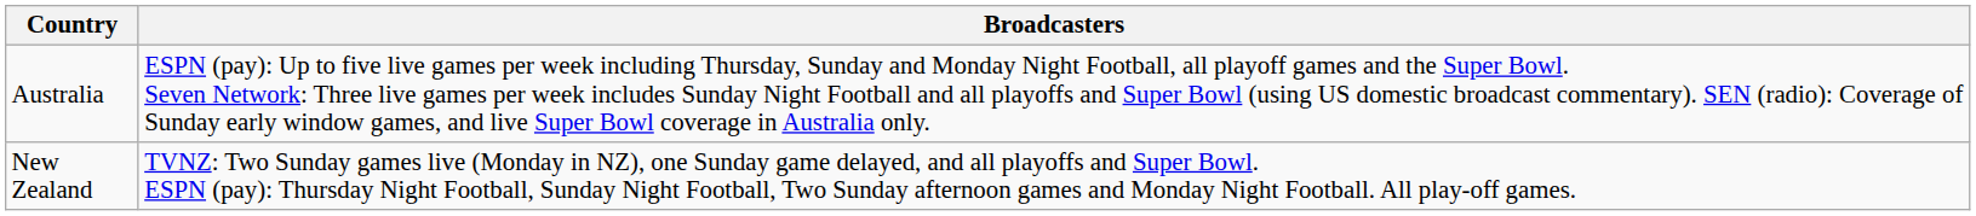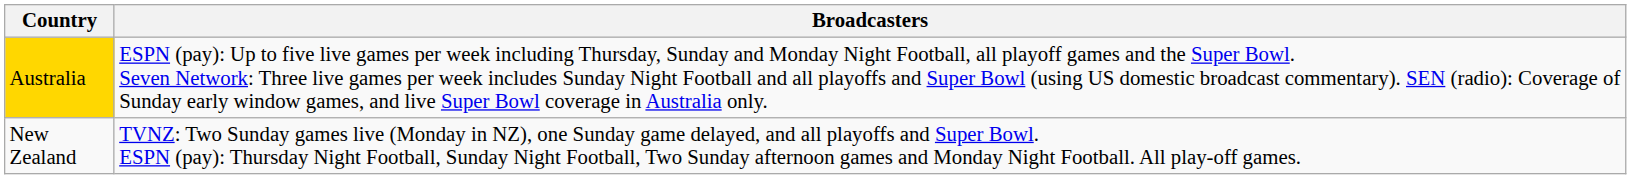 <table class="wikitable">
 <tr>
 <th>Country</th>
 <th>Broadcasters</th>
 </tr>
 <tr>
-<td>Australia</td>
+<td style="background: gold;">Australia</td>
 <td><a href='#'>ESPN</a> (pay): Up to five live games per week including Thursday, Sunday and Monday Night Football, all playoff games and the <a href='#'>Super Bowl</a>.<br><a href='#'>Seven Network</a>:  Three live games per week includes Sunday Night Football and all playoffs and <a href='#'>Super Bowl</a> (using US domestic broadcast commentary). <a href='#'>SEN</a> (radio): Coverage of Sunday early window games, and live <a href='#'>Super Bowl</a> coverage in <a href='#'>Australia</a> only.</td>
 </tr>
 <tr>
 <td>New Zealand</td>
 <td><a href='#'>TVNZ</a>: Two Sunday games live (Monday in NZ), one Sunday game  delayed, and all playoffs and <a href='#'>Super Bowl</a>.<br><a href='#'>ESPN</a> (pay): Thursday Night Football, Sunday Night Football, Two Sunday afternoon games and Monday Night Football. All play-off games.</td>
 </tr>
 </table>
